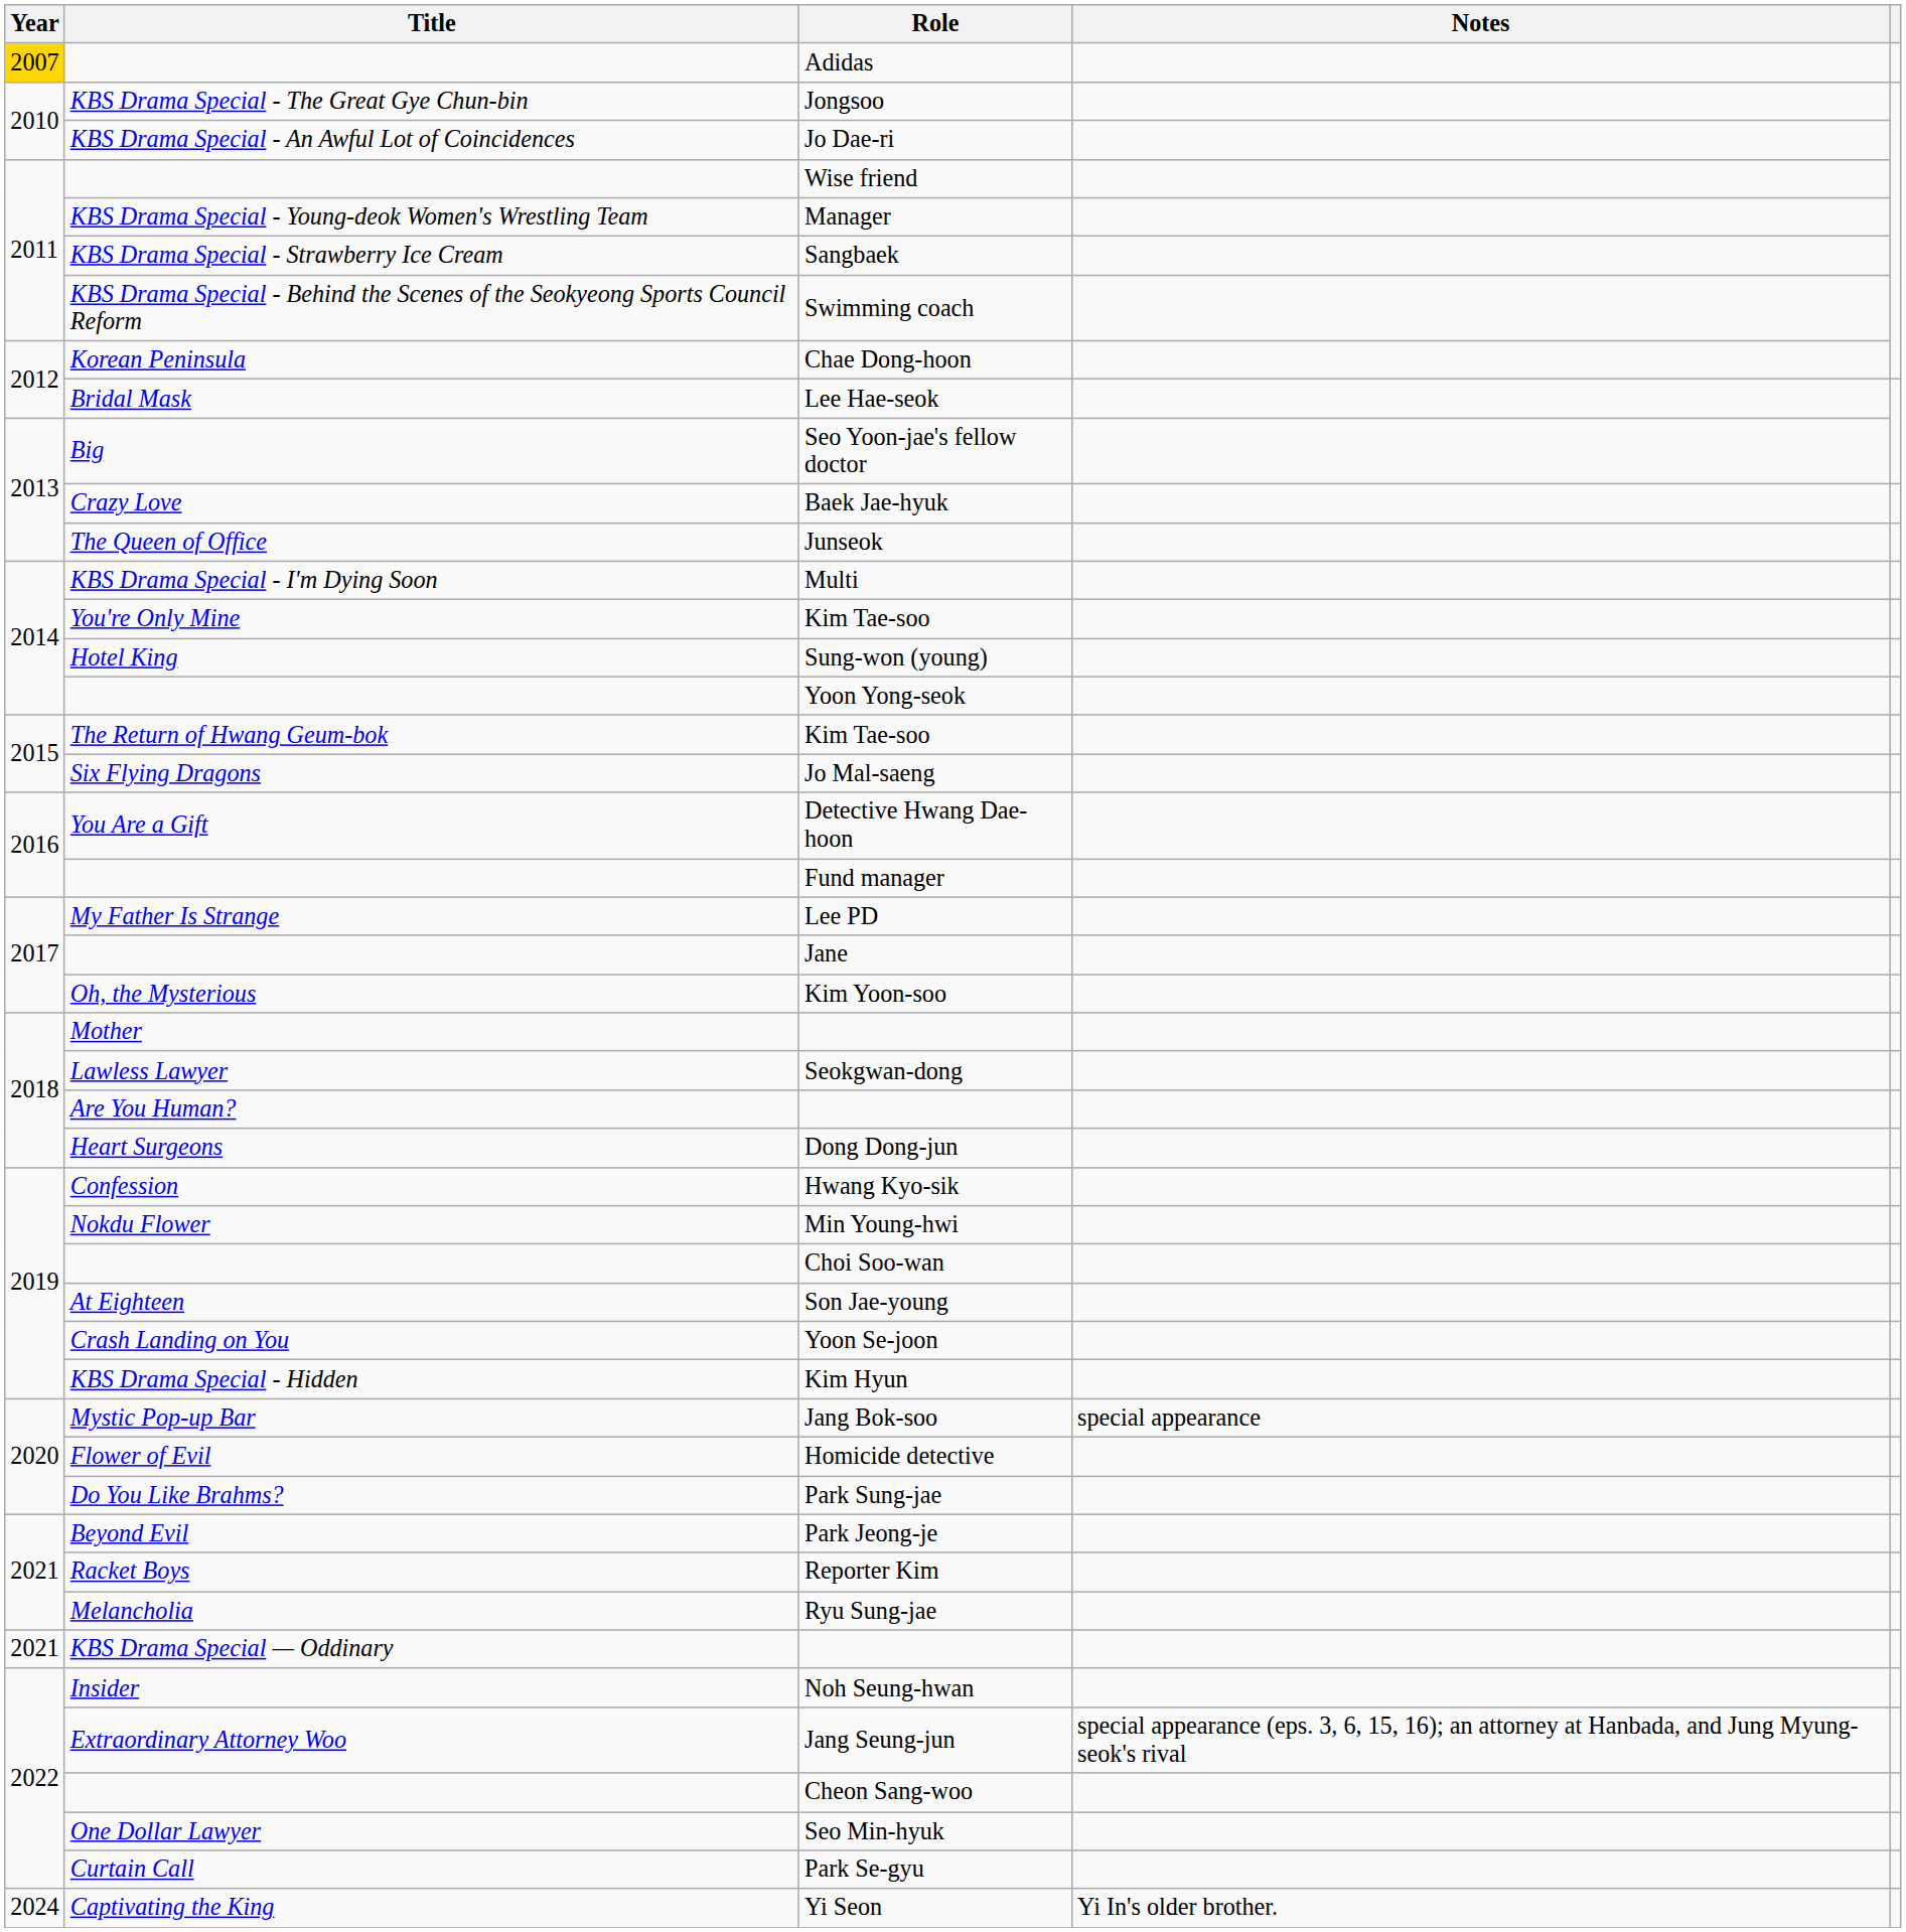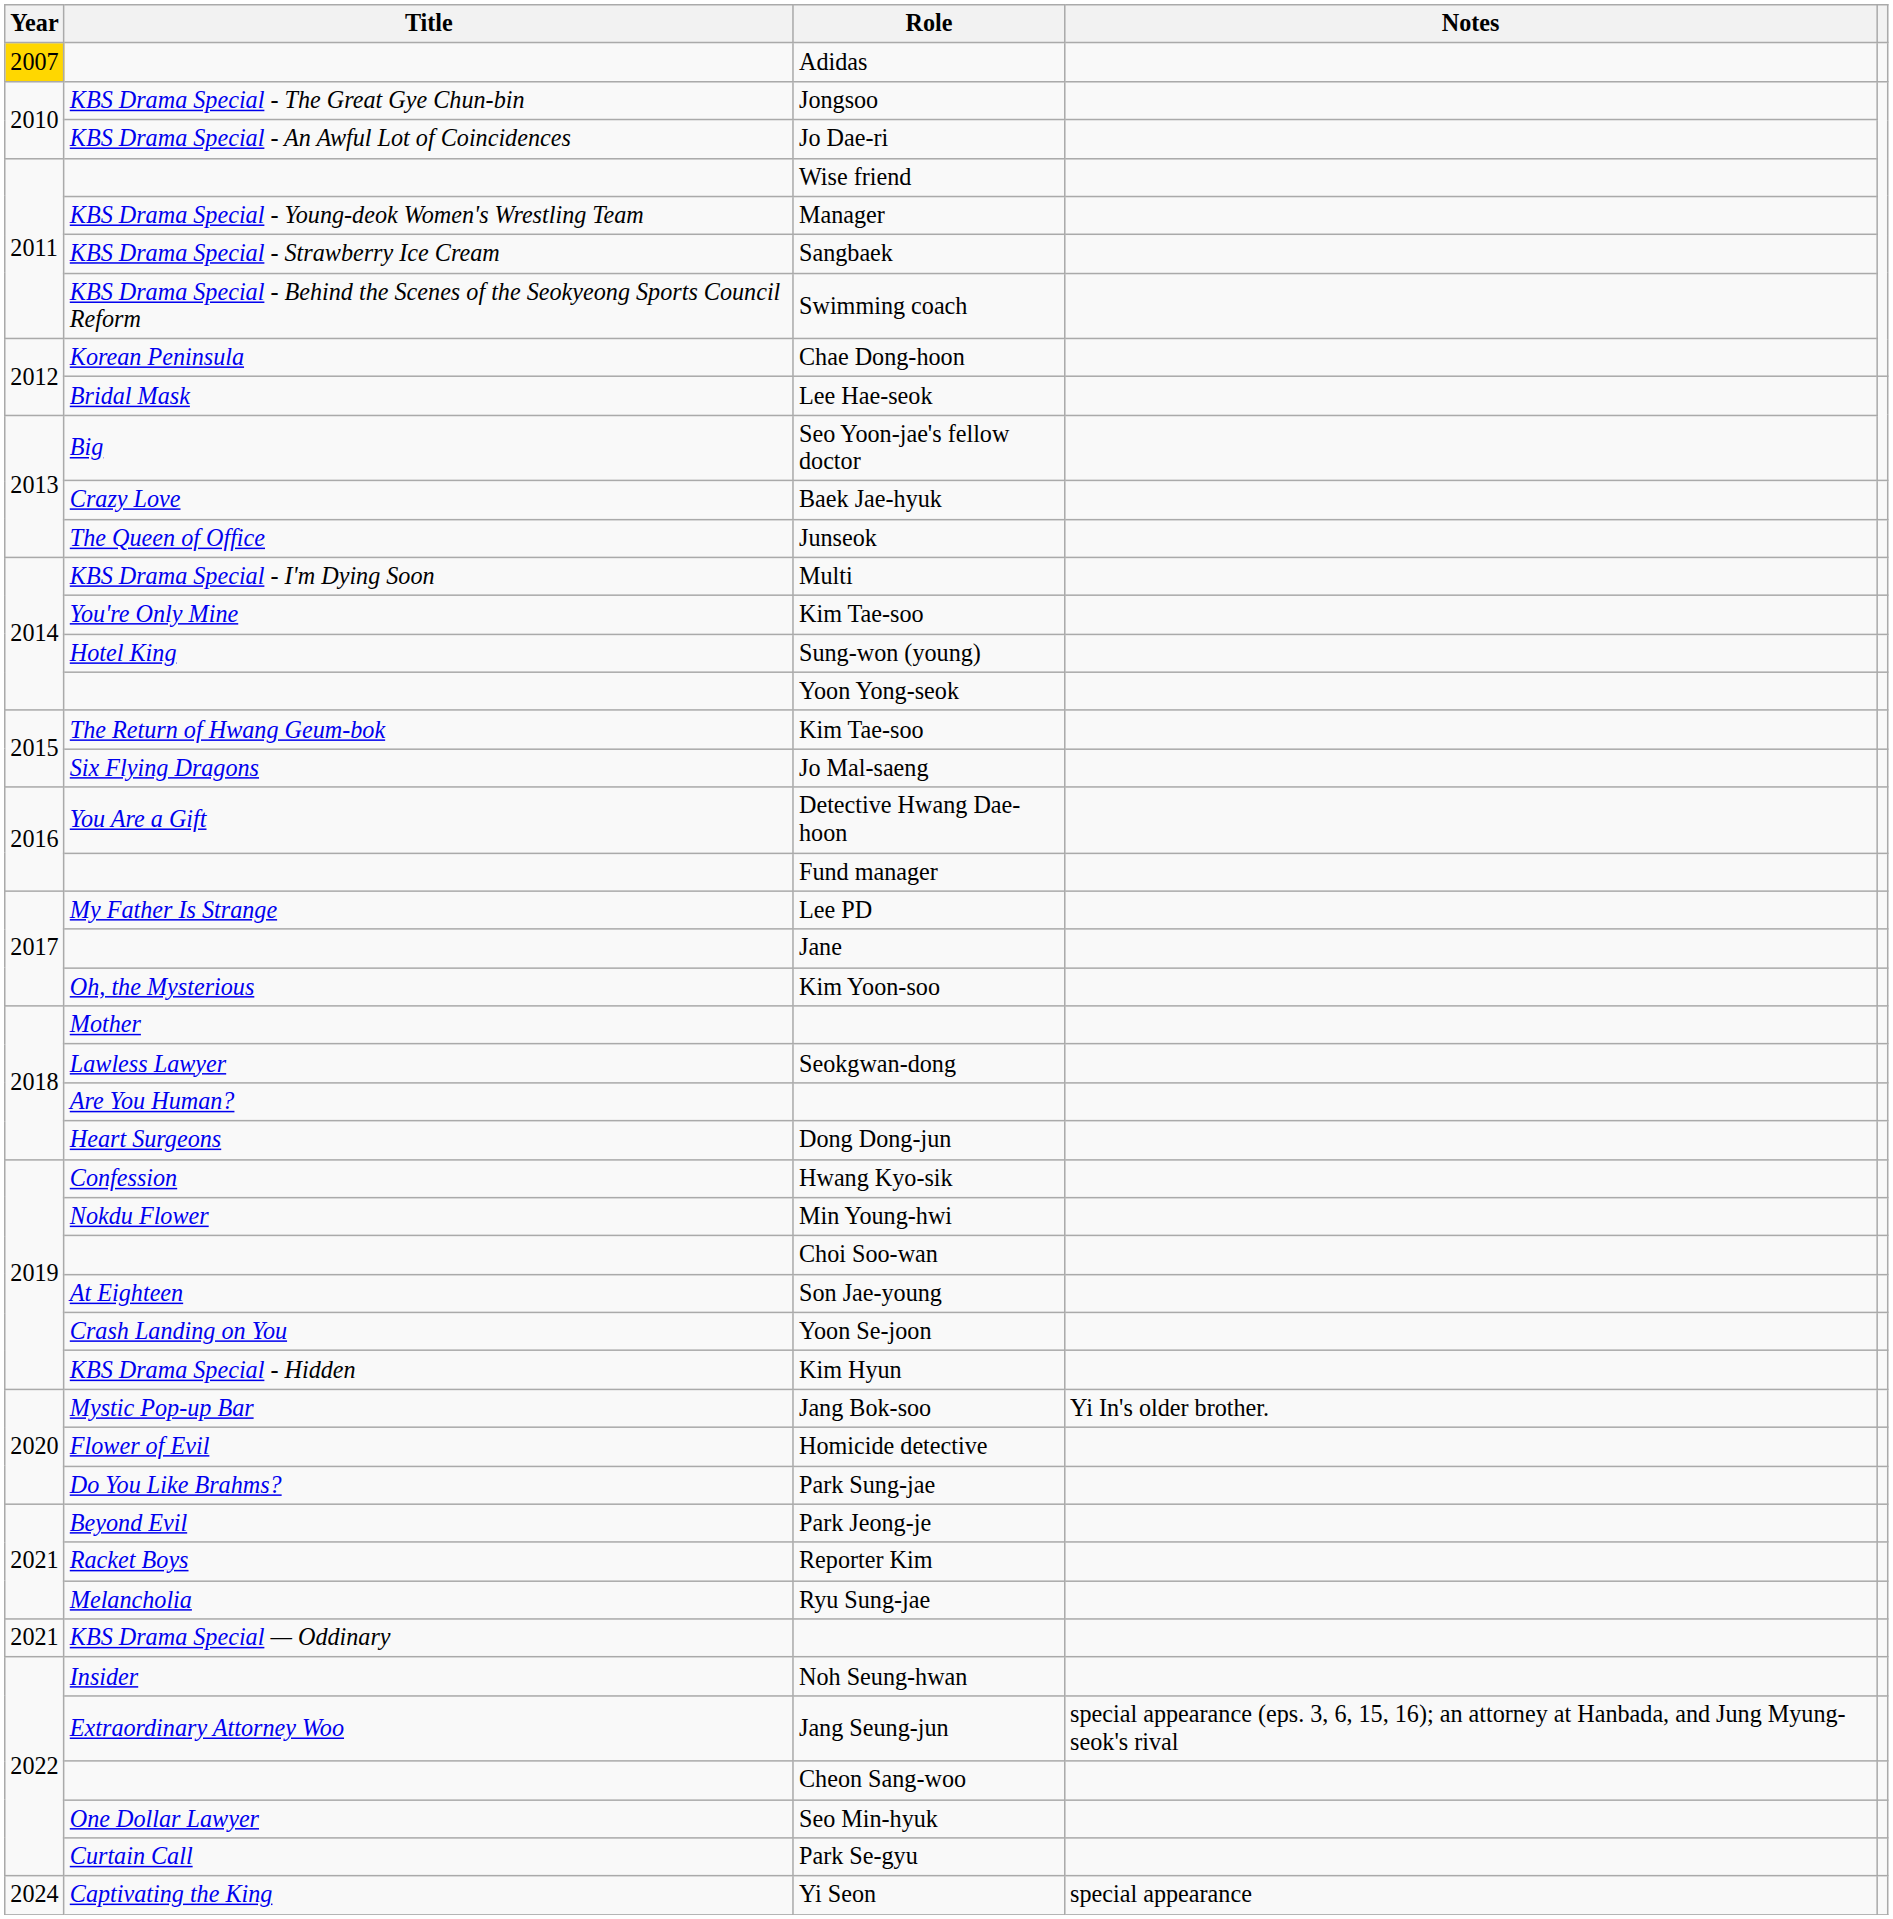 <table class="wikitable sortable plainrowheaders">
 <tr>
 <th scope="col">Year</th>
 <th scope="col">Title</th>
 <th scope="col">Role</th>
 <th scope="col">Notes</th>
 <th scope="col" class="unsortable"></th>
 </tr>
 <tr>
 <td style="background: gold;">2007</td>
 <td><em></em></td>
 <td>Adidas</td>
 <td></td>
 <td></td>
 </tr>
 <tr>
 <td rowspan="2">2010</td>
 <td><em><a href='#'>KBS Drama Special</a> - The Great Gye Chun-bin</em></td>
 <td>Jongsoo</td>
 <td></td>
 <td rowspan="7"></td>
 </tr>
 <tr>
 <td><em><a href='#'>KBS Drama Special</a> - An Awful Lot of Coincidences</em></td>
 <td>Jo Dae-ri</td>
 <td></td>
 </tr>
 <tr>
 <td rowspan="4">2011</td>
 <td><em></em></td>
 <td>Wise friend</td>
 <td></td>
 </tr>
 <tr>
 <td><em><a href='#'>KBS Drama Special</a> - Young-deok Women's Wrestling Team</em></td>
 <td>Manager</td>
 <td></td>
 </tr>
 <tr>
 <td><em><a href='#'>KBS Drama Special</a> - Strawberry Ice Cream</em></td>
 <td>Sangbaek</td>
 <td></td>
 </tr>
 <tr>
 <td><em><a href='#'>KBS Drama Special</a> - Behind the Scenes of the Seokyeong Sports Council Reform</em></td>
 <td>Swimming coach</td>
 <td></td>
 </tr>
 <tr>
 <td rowspan="2">2012</td>
 <td><em><a href='#'>Korean Peninsula</a></em></td>
 <td>Chae Dong-hoon</td>
 <td></td>
 </tr>
 <tr>
 <td><em><a href='#'>Bridal Mask</a></em></td>
 <td>Lee Hae-seok</td>
 <td></td>
 <td rowspan="2"></td>
 </tr>
 <tr>
 <td rowspan="3">2013</td>
 <td><em><a href='#'>Big</a></em></td>
 <td>Seo Yoon-jae's fellow doctor</td>
 <td></td>
 </tr>
 <tr>
 <td><em><a href='#'>Crazy Love</a></em></td>
 <td>Baek Jae-hyuk</td>
 <td></td>
 <td></td>
 </tr>
 <tr>
 <td><em><a href='#'>The Queen of Office</a></em></td>
 <td>Junseok</td>
 <td></td>
 <td></td>
 </tr>
 <tr>
 <td rowspan="4">2014</td>
 <td><em><a href='#'>KBS Drama Special</a> - I'm Dying Soon</em></td>
 <td>Multi</td>
 <td></td>
 <td></td>
 </tr>
 <tr>
 <td><em><a href='#'>You're Only Mine</a></em></td>
 <td>Kim Tae-soo</td>
 <td></td>
 <td></td>
 </tr>
 <tr>
 <td><em><a href='#'>Hotel King</a></em></td>
 <td>Sung-won (young)</td>
 <td></td>
 <td></td>
 </tr>
 <tr>
 <td><em></em></td>
 <td>Yoon Yong-seok</td>
 <td></td>
 <td></td>
 </tr>
 <tr>
 <td rowspan="2">2015</td>
 <td><em><a href='#'>The Return of Hwang Geum-bok</a></em></td>
 <td>Kim Tae-soo</td>
 <td></td>
 <td></td>
 </tr>
 <tr>
 <td><em><a href='#'>Six Flying Dragons</a></em></td>
 <td>Jo Mal-saeng</td>
 <td></td>
 <td></td>
 </tr>
 <tr>
 <td rowspan="2">2016</td>
 <td><em><a href='#'>You Are a Gift</a></em></td>
 <td>Detective Hwang Dae-hoon</td>
 <td></td>
 <td></td>
 </tr>
 <tr>
 <td><em></em></td>
 <td>Fund manager</td>
 <td></td>
 <td></td>
 </tr>
 <tr>
 <td rowspan="3">2017</td>
 <td><em><a href='#'>My Father Is Strange</a></em></td>
 <td>Lee PD</td>
 <td></td>
 <td></td>
 </tr>
 <tr>
 <td><em></em></td>
 <td>Jane</td>
 <td></td>
 <td></td>
 </tr>
 <tr>
 <td><em><a href='#'>Oh, the Mysterious</a></em></td>
 <td>Kim Yoon-soo</td>
 <td></td>
 <td></td>
 </tr>
 <tr>
 <td rowspan="4">2018</td>
 <td><em><a href='#'>Mother</a></em></td>
 <td></td>
 <td></td>
 <td></td>
 </tr>
 <tr>
 <td><em><a href='#'>Lawless Lawyer</a></em></td>
 <td>Seokgwan-dong</td>
 <td></td>
 <td></td>
 </tr>
 <tr>
 <td><em><a href='#'>Are You Human?</a></em></td>
 <td></td>
 <td></td>
 <td></td>
 </tr>
 <tr>
 <td><em><a href='#'>Heart Surgeons</a></em></td>
 <td>Dong Dong-jun</td>
 <td></td>
 <td></td>
 </tr>
 <tr>
 <td rowspan="6">2019</td>
 <td><em><a href='#'>Confession</a></em></td>
 <td>Hwang Kyo-sik</td>
 <td></td>
 <td></td>
 </tr>
 <tr>
 <td><em><a href='#'>Nokdu Flower</a></em></td>
 <td>Min Young-hwi</td>
 <td></td>
 <td></td>
 </tr>
 <tr>
 <td><em></em></td>
 <td>Choi Soo-wan</td>
 <td></td>
 <td></td>
 </tr>
 <tr>
 <td><em><a href='#'>At Eighteen</a></em></td>
 <td>Son Jae-young</td>
 <td></td>
 <td></td>
 </tr>
 <tr>
 <td><em><a href='#'>Crash Landing on You</a></em></td>
 <td>Yoon Se-joon</td>
 <td></td>
 <td></td>
 </tr>
 <tr>
 <td><em><a href='#'>KBS Drama Special</a> - Hidden</em></td>
 <td>Kim Hyun</td>
 <td></td>
 <td></td>
 </tr>
 <tr>
 <td rowspan="3">2020</td>
 <td><em><a href='#'>Mystic Pop-up Bar</a></em></td>
 <td>Jang Bok-soo</td>
-<td>special appearance</td>
+<td>Yi In's older brother.</td>
 <td></td>
 </tr>
 <tr>
 <td><em><a href='#'>Flower of Evil</a></em></td>
 <td>Homicide detective</td>
 <td></td>
 <td></td>
 </tr>
 <tr>
 <td><em><a href='#'>Do You Like Brahms?</a></em></td>
 <td>Park Sung-jae</td>
 <td></td>
 <td></td>
 </tr>
 <tr>
 <td rowspan="3">2021</td>
 <td><em><a href='#'>Beyond Evil</a></em></td>
 <td>Park Jeong-je</td>
 <td></td>
 <td></td>
 </tr>
 <tr>
 <td><em><a href='#'>Racket Boys</a></em></td>
 <td>Reporter Kim</td>
 <td></td>
 <td></td>
 </tr>
 <tr>
 <td><em><a href='#'>Melancholia</a></em></td>
 <td>Ryu Sung-jae</td>
 <td></td>
 <td></td>
 </tr>
 <tr>
 <td>2021</td>
 <td><em><a href='#'>KBS Drama Special</a> — Oddinary</em></td>
 <td></td>
 <td></td>
 <td></td>
 </tr>
 <tr>
 <td rowspan="5">2022</td>
 <td><em><a href='#'>Insider</a></em></td>
 <td>Noh Seung-hwan</td>
 <td></td>
 <td></td>
 </tr>
 <tr>
 <td><em><a href='#'>Extraordinary Attorney Woo</a></em></td>
 <td>Jang Seung-jun</td>
 <td>special appearance (eps. 3, 6, 15, 16); an attorney at Hanbada, and Jung Myung-seok's rival</td>
 <td></td>
 </tr>
 <tr>
 <td><em></em></td>
 <td>Cheon Sang-woo</td>
 <td></td>
 <td></td>
 </tr>
 <tr>
 <td><em><a href='#'>One Dollar Lawyer</a></em></td>
 <td>Seo Min-hyuk</td>
 <td></td>
 <td></td>
 </tr>
 <tr>
 <td><em><a href='#'>Curtain Call</a></em></td>
 <td>Park Se-gyu</td>
 <td></td>
 <td></td>
 </tr>
 <tr>
 <td>2024</td>
 <td><em><a href='#'>Captivating the King</a></em></td>
 <td>Yi Seon</td>
-<td>Yi In's older brother.</td>
+<td>special appearance</td>
 <td></td>
 </tr>
 </table>
